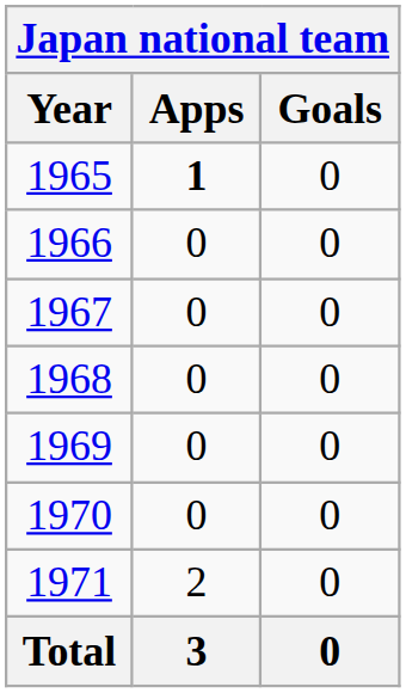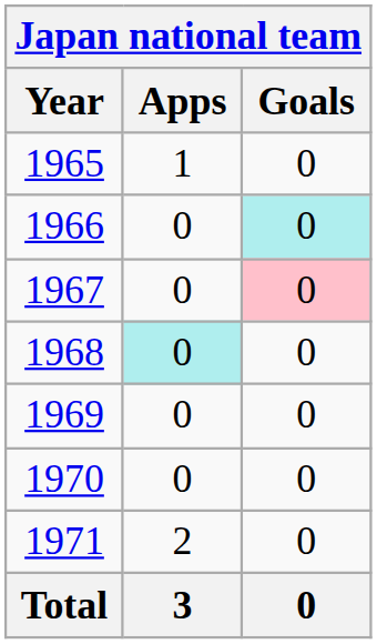 <table class="wikitable" style="text-align:center">
 <tr>
 <th colspan=3><a href='#'>Japan national team</a></th>
 </tr>
 <tr>
 <th>Year</th>
 <th>Apps</th>
 <th>Goals</th>
 </tr>
 <tr>
 <td><a href='#'>1965</a></td>
-<td><strong>1</strong></td>
+<td>1</td>
 <td>0</td>
 </tr>
 <tr>
 <td><a href='#'>1966</a></td>
 <td>0</td>
-<td>0</td>
+<td style="background: paleturquoise;">0</td>
 </tr>
 <tr>
 <td><a href='#'>1967</a></td>
 <td>0</td>
-<td>0</td>
+<td style="background: pink;">0</td>
 </tr>
 <tr>
 <td><a href='#'>1968</a></td>
-<td>0</td>
+<td style="background: paleturquoise;">0</td>
 <td>0</td>
 </tr>
 <tr>
 <td><a href='#'>1969</a></td>
 <td>0</td>
 <td>0</td>
 </tr>
 <tr>
 <td><a href='#'>1970</a></td>
 <td>0</td>
 <td>0</td>
 </tr>
 <tr>
 <td><a href='#'>1971</a></td>
 <td>2</td>
 <td>0</td>
 </tr>
 <tr>
 <th>Total</th>
 <th>3</th>
 <th>0</th>
 </tr>
 </table>
